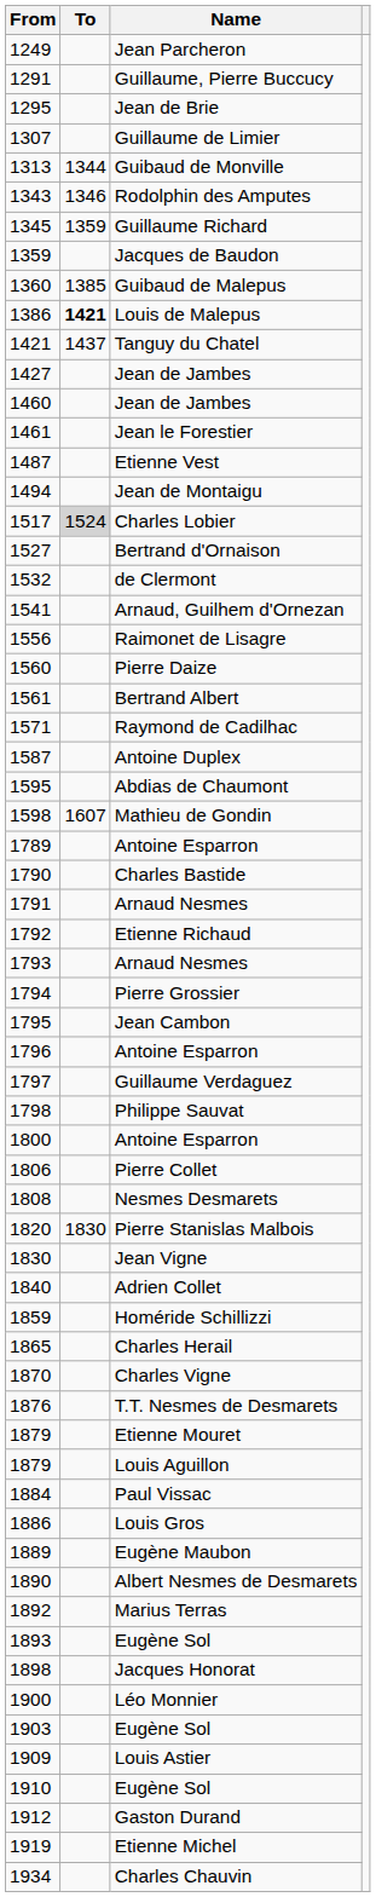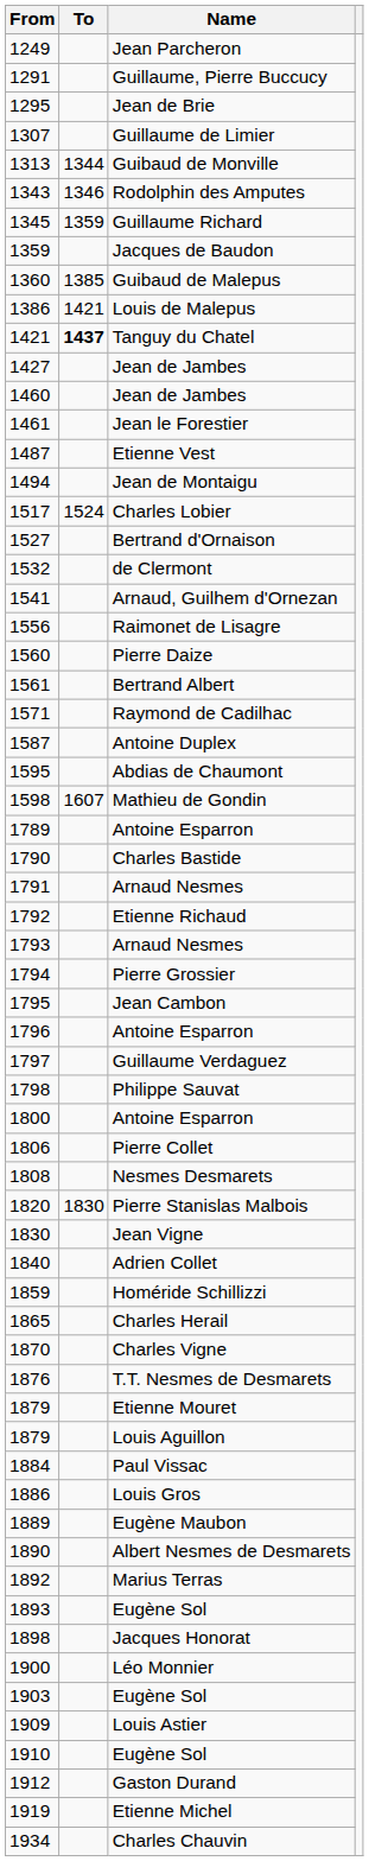 <table class="wikitable">
 <tr>
 <th>From</th>
 <th>To</th>
 <th>Name</th>
 <th></th>
 </tr>
 <tr>
 <td>1249</td>
 <td></td>
 <td>Jean Parcheron</td>
 </tr>
 <tr>
 <td>1291</td>
 <td></td>
 <td>Guillaume, Pierre Buccucy</td>
 </tr>
 <tr>
 <td>1295</td>
 <td></td>
 <td>Jean de Brie</td>
 </tr>
 <tr>
 <td>1307</td>
 <td></td>
 <td>Guillaume de Limier</td>
 </tr>
 <tr>
 <td>1313</td>
 <td>1344</td>
 <td>Guibaud de Monville</td>
 </tr>
 <tr>
 <td>1343</td>
 <td>1346</td>
 <td>Rodolphin des Amputes</td>
 </tr>
 <tr>
 <td>1345</td>
 <td>1359</td>
 <td>Guillaume Richard</td>
 </tr>
 <tr>
 <td>1359</td>
 <td></td>
 <td>Jacques de Baudon</td>
 </tr>
 <tr>
 <td>1360</td>
 <td>1385</td>
 <td>Guibaud de Malepus</td>
 </tr>
 <tr>
 <td>1386</td>
-<td><strong>1421</strong></td>
+<td>1421</td>
 <td>Louis de Malepus</td>
 </tr>
 <tr>
 <td>1421</td>
-<td>1437</td>
+<td><strong>1437</strong></td>
 <td>Tanguy du Chatel</td>
 </tr>
 <tr>
 <td>1427</td>
 <td></td>
 <td>Jean de Jambes</td>
 </tr>
 <tr>
 <td>1460</td>
 <td></td>
 <td>Jean de Jambes</td>
 </tr>
 <tr>
 <td>1461</td>
 <td></td>
 <td>Jean le Forestier</td>
 </tr>
 <tr>
 <td>1487</td>
 <td></td>
 <td>Etienne Vest</td>
 </tr>
 <tr>
 <td>1494</td>
 <td></td>
 <td>Jean de Montaigu</td>
 </tr>
 <tr>
 <td>1517</td>
-<td style="background: lightgrey;">1524</td>
+<td>1524</td>
 <td>Charles Lobier</td>
 </tr>
 <tr>
 <td>1527</td>
 <td></td>
 <td>Bertrand d'Ornaison</td>
 </tr>
 <tr>
 <td>1532</td>
 <td></td>
 <td>de Clermont</td>
 </tr>
 <tr>
 <td>1541</td>
 <td></td>
 <td>Arnaud, Guilhem d'Ornezan</td>
 </tr>
 <tr>
 <td>1556</td>
 <td></td>
 <td>Raimonet de Lisagre</td>
 </tr>
 <tr>
 <td>1560</td>
 <td></td>
 <td>Pierre Daize</td>
 </tr>
 <tr>
 <td>1561</td>
 <td></td>
 <td>Bertrand Albert</td>
 </tr>
 <tr>
 <td>1571</td>
 <td></td>
 <td>Raymond de Cadilhac</td>
 </tr>
 <tr>
 <td>1587</td>
 <td></td>
 <td>Antoine Duplex</td>
 </tr>
 <tr>
 <td>1595</td>
 <td></td>
 <td>Abdias de Chaumont</td>
 </tr>
 <tr>
 <td>1598</td>
 <td>1607</td>
 <td>Mathieu de Gondin</td>
 </tr>
 <tr>
 <td>1789</td>
 <td></td>
 <td>Antoine Esparron</td>
 </tr>
 <tr>
 <td>1790</td>
 <td></td>
 <td>Charles Bastide</td>
 </tr>
 <tr>
 <td>1791</td>
 <td></td>
 <td>Arnaud Nesmes</td>
 </tr>
 <tr>
 <td>1792</td>
 <td></td>
 <td>Etienne Richaud</td>
 </tr>
 <tr>
 <td>1793</td>
 <td></td>
 <td>Arnaud Nesmes</td>
 </tr>
 <tr>
 <td>1794</td>
 <td></td>
 <td>Pierre Grossier</td>
 </tr>
 <tr>
 <td>1795</td>
 <td></td>
 <td>Jean Cambon</td>
 </tr>
 <tr>
 <td>1796</td>
 <td></td>
 <td>Antoine Esparron</td>
 </tr>
 <tr>
 <td>1797</td>
 <td></td>
 <td>Guillaume Verdaguez</td>
 </tr>
 <tr>
 <td>1798</td>
 <td></td>
 <td>Philippe Sauvat</td>
 </tr>
 <tr>
 <td>1800</td>
 <td></td>
 <td>Antoine Esparron</td>
 </tr>
 <tr>
 <td>1806</td>
 <td></td>
 <td>Pierre Collet</td>
 </tr>
 <tr>
 <td>1808</td>
 <td></td>
 <td>Nesmes Desmarets</td>
 </tr>
 <tr>
 <td>1820</td>
 <td>1830</td>
 <td>Pierre Stanislas Malbois</td>
 </tr>
 <tr>
 <td>1830</td>
 <td></td>
 <td>Jean Vigne</td>
 </tr>
 <tr>
 <td>1840</td>
 <td></td>
 <td>Adrien Collet</td>
 </tr>
 <tr>
 <td>1859</td>
 <td></td>
 <td>Homéride Schillizzi</td>
 </tr>
 <tr>
 <td>1865</td>
 <td></td>
 <td>Charles Herail</td>
 </tr>
 <tr>
 <td>1870</td>
 <td></td>
 <td>Charles Vigne</td>
 </tr>
 <tr>
 <td>1876</td>
 <td></td>
 <td>T.T. Nesmes de Desmarets</td>
 </tr>
 <tr>
 <td>1879</td>
 <td></td>
 <td>Etienne Mouret</td>
 </tr>
 <tr>
 <td>1879</td>
 <td></td>
 <td>Louis Aguillon</td>
 </tr>
 <tr>
 <td>1884</td>
 <td></td>
 <td>Paul Vissac</td>
 </tr>
 <tr>
 <td>1886</td>
 <td></td>
 <td>Louis Gros</td>
 </tr>
 <tr>
 <td>1889</td>
 <td></td>
 <td>Eugène Maubon</td>
 </tr>
 <tr>
 <td>1890</td>
 <td></td>
 <td>Albert Nesmes de Desmarets</td>
 </tr>
 <tr>
 <td>1892</td>
 <td></td>
 <td>Marius Terras</td>
 </tr>
 <tr>
 <td>1893</td>
 <td></td>
 <td>Eugène Sol</td>
 </tr>
 <tr>
 <td>1898</td>
 <td></td>
 <td>Jacques Honorat</td>
 </tr>
 <tr>
 <td>1900</td>
 <td></td>
 <td>Léo Monnier</td>
 </tr>
 <tr>
 <td>1903</td>
 <td></td>
 <td>Eugène Sol</td>
 </tr>
 <tr>
 <td>1909</td>
 <td></td>
 <td>Louis Astier</td>
 </tr>
 <tr>
 <td>1910</td>
 <td></td>
 <td>Eugène Sol</td>
 </tr>
 <tr>
 <td>1912</td>
 <td></td>
 <td>Gaston Durand</td>
 </tr>
 <tr>
 <td>1919</td>
 <td></td>
 <td>Etienne Michel</td>
 </tr>
 <tr>
 <td>1934</td>
 <td></td>
 <td>Charles Chauvin</td>
 </tr>
 </table>
